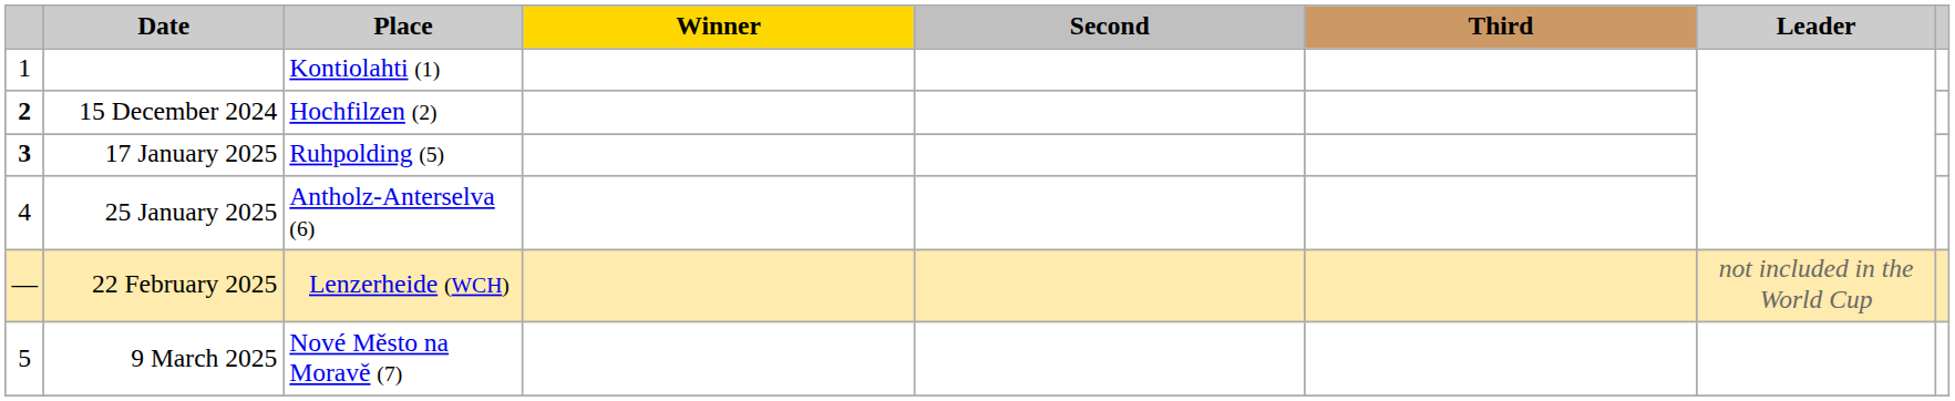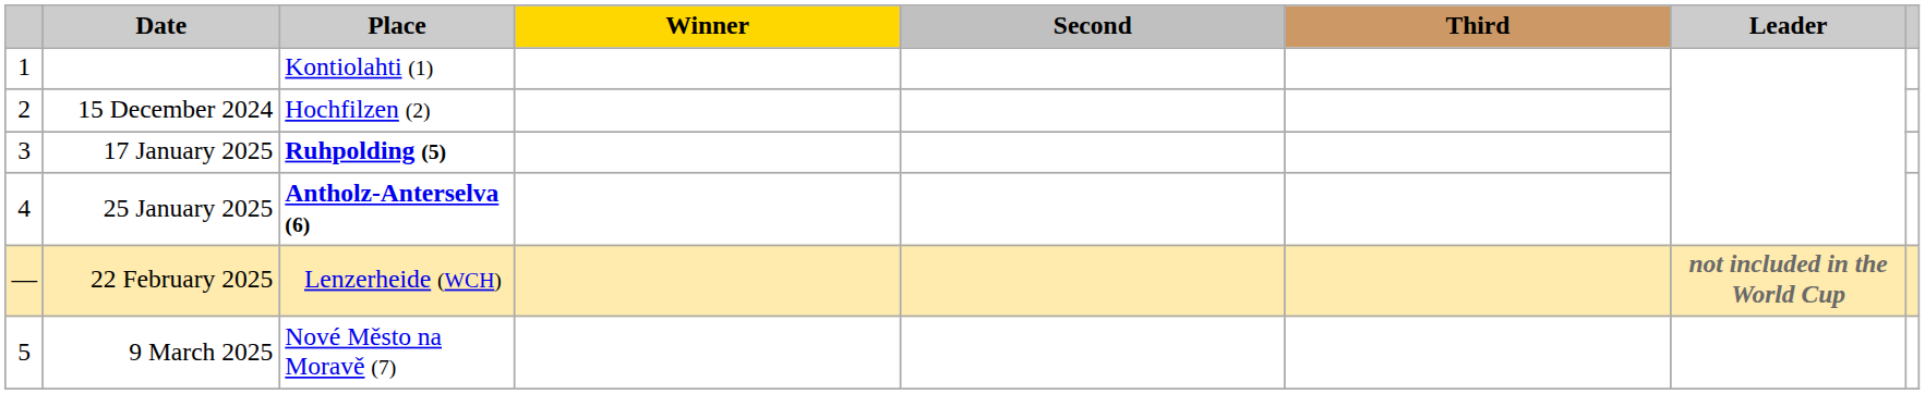 <table class="wikitable plainrowheaders" style="background:#fff; font-size:86%; line-height:16px; border:grey solid 1px; border-collapse:collapse;">
 <tr>
 <th scope="col" style="background:#ccc; width=20 px;"></th>
 <th scope="col" style="background:#ccc; width:120px;">Date</th>
 <th scope="col" style="background:#ccc; width:120px;">Place <br> </th>
 <th scope="col" style="background:gold; width:200px;">Winner</th>
 <th scope="col" style="background:silver; width:200px;">Second</th>
 <th scope="col" style="background:#c96; width:200px;">Third</th>
 <th scope="col" style="background:#ccc; width:120px;">Leader <br> </th>
 <th scope="col" style="background:#ccc; width=20 px;"></th>
 </tr>
 <tr>
 <td align="center">1</td>
 <td align="right"></td>
 <td> <a href='#'>Kontiolahti</a> <small>(1)</small></td>
 <td></td>
 <td></td>
 <td></td>
 <td rowspan=4></td>
 <td></td>
 </tr>
 <tr>
-<td align="center"><strong>2</strong></td>
+<td align="center">2</td>
 <td align="right">15 December 2024</td>
 <td> <a href='#'>Hochfilzen</a> <small>(2)</small></td>
 <td></td>
 <td></td>
 <td></td>
 <td></td>
 </tr>
 <tr>
-<td align="center"><strong>3</strong></td>
+<td align="center">3</td>
 <td align="right">17 January 2025</td>
-<td> <a href='#'>Ruhpolding</a> <small>(5)</small></td>
+<td><strong> <a href='#'>Ruhpolding</a> <small>(5)</small></strong></td>
 <td></td>
 <td></td>
 <td></td>
 <td></td>
 </tr>
 <tr>
 <td align="center">4</td>
 <td align="right">25 January 2025</td>
-<td> <a href='#'>Antholz-Anterselva</a> <small>(6)</small></td>
+<td><strong> <a href='#'>Antholz-Anterselva</a> <small>(6)</small></strong></td>
 <td></td>
 <td></td>
 <td></td>
 <td></td>
 </tr>
 <tr style="background:#FFEBAD">
 <td align="center">—</td>
 <td align="right">22 February 2025</td>
 <td>   <a href='#'>Lenzerheide</a> <small>(<a href='#'>WCH</a>)</small></td>
 <td> </td>
 <td> </td>
 <td> </td>
-<td align="center" style=color:#696969><em>not included in the World Cup</em></td>
+<td align="center" style=color:#696969><strong><em>not included in the World Cup</em></strong></td>
 <td></td>
 </tr>
 <tr>
 <td align="center">5</td>
 <td align="right">9 March 2025</td>
 <td> <a href='#'>Nové Město na Moravě</a> <small>(7)</small></td>
 <td></td>
 <td></td>
 <td></td>
 <td></td>
 <td></td>
 </tr>
 </table>
